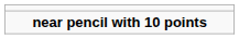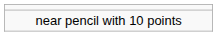 <table class="wikitable" align="center">
 <tr>
 <td style="width:250px" valign="center" align="center"></td>
 </tr>
 <tr>
-<td align="center"><strong>near pencil with 10 points</strong></td>
+<td align="center">near pencil with 10 points</td>
 </tr>
 </table>
